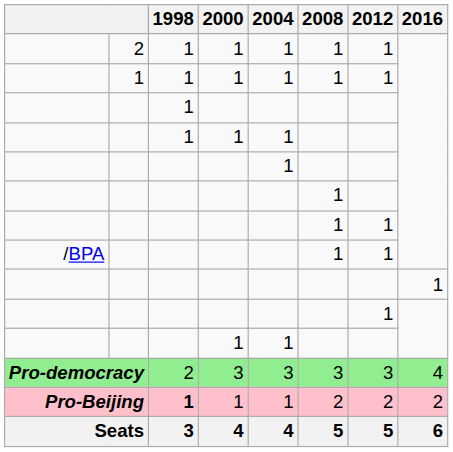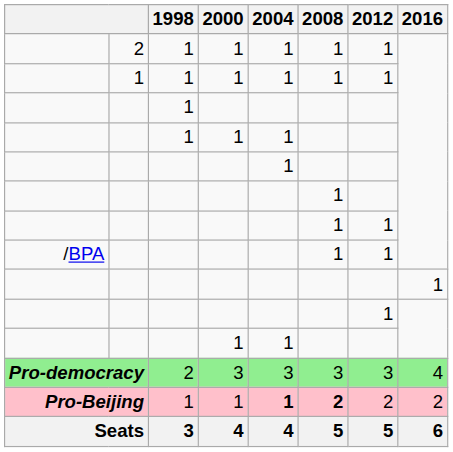 <table class="wikitable" style="text-align: right;">
 <tr bgcolor="#CCCCCC">
 <th colspan=2></th>
 <th>1998</th>
 <th>2000</th>
 <th>2004</th>
 <th>2008</th>
 <th>2012</th>
 <th>2016</th>
 </tr>
 <tr>
 <td></td>
 <td>2</td>
 <td>1</td>
 <td>1</td>
 <td>1</td>
 <td>1</td>
 <td>1</td>
 </tr>
 <tr>
 <td></td>
 <td>1</td>
 <td>1</td>
 <td>1</td>
 <td>1</td>
 <td>1</td>
 <td>1</td>
 </tr>
 <tr>
 <td></td>
 <td></td>
 <td>1</td>
 <td></td>
 <td></td>
 <td></td>
 <td></td>
 </tr>
 <tr>
 <td></td>
 <td></td>
 <td>1</td>
 <td>1</td>
 <td>1</td>
 <td></td>
 <td></td>
 </tr>
 <tr>
 <td></td>
 <td></td>
 <td></td>
 <td></td>
 <td>1</td>
 <td></td>
 <td></td>
 </tr>
 <tr>
 <td></td>
 <td></td>
 <td></td>
 <td></td>
 <td></td>
 <td>1</td>
 <td></td>
 </tr>
 <tr>
 <td></td>
 <td></td>
 <td></td>
 <td></td>
 <td></td>
 <td>1</td>
 <td>1</td>
 </tr>
 <tr>
 <td>/<a href='#'>BPA</a></td>
 <td></td>
 <td></td>
 <td></td>
 <td></td>
 <td>1</td>
 <td>1</td>
 </tr>
 <tr>
 <td></td>
 <td align=left></td>
 <td></td>
 <td></td>
 <td></td>
 <td></td>
 <td></td>
 <td>1</td>
 </tr>
 <tr>
 <td></td>
 <td></td>
 <td></td>
 <td></td>
 <td></td>
 <td></td>
 <td>1</td>
 </tr>
 <tr>
 <td></td>
 <td></td>
 <td></td>
 <td>1</td>
 <td>1</td>
 <td></td>
 <td></td>
 </tr>
 <tr bgcolor=lightgreen>
 <td colspan=2><strong><em>Pro-democracy</em></strong></td>
 <td>2</td>
 <td>3</td>
 <td>3</td>
 <td>3</td>
 <td>3</td>
 <td>4</td>
 </tr>
 <tr bgcolor=pink>
 <td colspan=2><strong><em>Pro-Beijing</em></strong></td>
-<td><strong>1</strong></td>
 <td>1</td>
 <td>1</td>
-<td>2</td>
+<td><strong>1</strong></td>
+<td><strong>2</strong></td>
 <td>2</td>
 <td>2</td>
 </tr>
 <tr class="sortbottom" bgcolor="#F2F2F2">
 <td colspan=2><strong>Seats</strong></td>
 <td><strong>3</strong></td>
 <td><strong>4</strong></td>
 <td><strong>4</strong></td>
 <td><strong>5</strong></td>
 <td><strong>5</strong></td>
 <td><strong>6</strong></td>
 </tr>
 </table>
